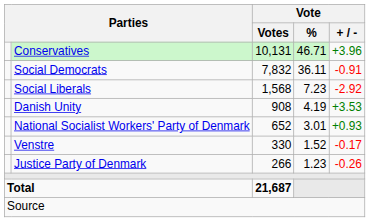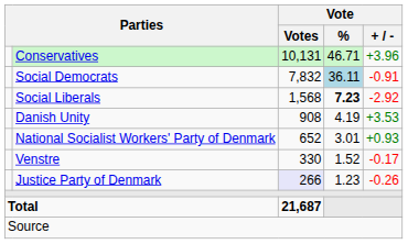 <table class="wikitable" style="text-align:right;">
 <tr>
 <th style="text-align:centre;" rowspan="2" colspan="2" width="225">Parties</th>
 <th colspan="3">Vote</th>
 </tr>
 <tr>
 <th width="15">Votes</th>
 <th width="15">%</th>
 <th width="15">+ / -</th>
 </tr>
 <tr>
 <td width="2" style="color:inherit;background:"></td>
 <td bgcolor=#ccf7cc  align="left"><a href='#'>Conservatives</a></td>
 <td bgcolor=#ccf7cc>10,131</td>
 <td bgcolor=#ccf7cc>46.71</td>
 <td style=color:green;>+3.96</td>
 </tr>
 <tr>
 <td width="2" style="color:inherit;background:"></td>
 <td align="left"><a href='#'>Social Democrats</a></td>
 <td>7,832</td>
-<td>36.11</td>
+<td style="background: lightblue;">36.11</td>
 <td style=color:red;>-0.91</td>
 </tr>
 <tr>
 <td width="2" style="color:inherit;background:"></td>
 <td align="left"><a href='#'>Social Liberals</a></td>
 <td>1,568</td>
-<td>7.23</td>
+<td><strong>7.23</strong></td>
 <td style=color:red;>-2.92</td>
 </tr>
 <tr>
 <td width="2" style="color:inherit;background:"></td>
 <td align="left"><a href='#'>Danish Unity</a></td>
 <td>908</td>
 <td>4.19</td>
 <td style=color:green;>+3.53</td>
 </tr>
 <tr>
 <td width="2" style="color:inherit;background:"></td>
 <td align="left"><a href='#'>National Socialist Workers' Party of Denmark</a></td>
 <td>652</td>
 <td>3.01</td>
 <td style=color:green;>+0.93</td>
 </tr>
 <tr>
 <td width="2" style="color:inherit;background:"></td>
 <td align="left"><a href='#'>Venstre</a></td>
 <td>330</td>
 <td>1.52</td>
 <td style=color:red;>-0.17</td>
 </tr>
 <tr>
 <td width="2" style="color:inherit;background:"></td>
 <td align="left"><a href='#'>Justice Party of Denmark</a></td>
-<td>266</td>
+<td style="background: lavender;">266</td>
 <td>1.23</td>
 <td style=color:red;>-0.26</td>
 </tr>
 <tr>
 <td colspan="7" bgcolor="#E9E9E9"></td>
 </tr>
 <tr>
 <td align="left" colspan="2"><strong>Total</strong></td>
 <td><strong>21,687</strong></td>
 <td bgcolor="#E9E9E9" colspan="2"></td>
 </tr>
 <tr>
 <td align="left" colspan="6">Source</td>
 </tr>
 </table>
